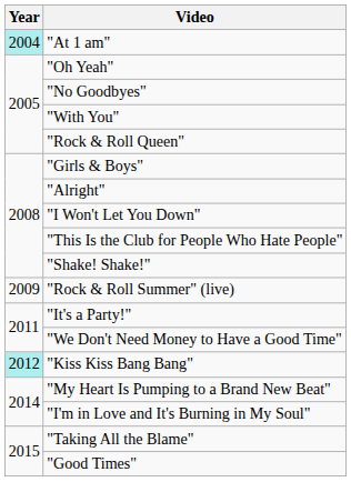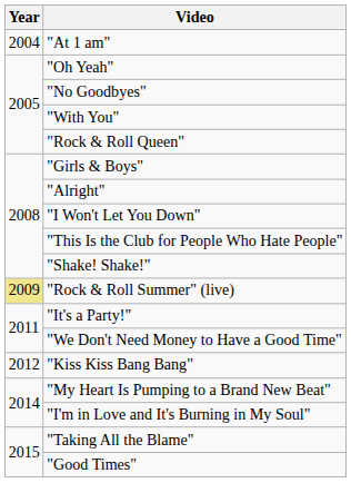 <table class="wikitable">
 <tr>
 <th>Year</th>
 <th>Video</th>
 </tr>
 <tr>
-<td style="background: paleturquoise;">2004</td>
+<td>2004</td>
 <td>"At 1 am"</td>
 </tr>
 <tr>
 <td rowspan="4">2005</td>
 <td>"Oh Yeah"</td>
 </tr>
 <tr>
 <td>"No Goodbyes"</td>
 </tr>
 <tr>
 <td>"With You"</td>
 </tr>
 <tr>
 <td>"Rock & Roll Queen"</td>
 </tr>
 <tr>
 <td rowspan="5">2008</td>
 <td>"Girls & Boys"</td>
 </tr>
 <tr>
 <td>"Alright"</td>
 </tr>
 <tr>
 <td>"I Won't Let You Down"</td>
 </tr>
 <tr>
 <td>"This Is the Club for People Who Hate People"</td>
 </tr>
 <tr>
 <td>"Shake! Shake!"</td>
 </tr>
 <tr>
-<td>2009</td>
+<td style="background: khaki;">2009</td>
 <td>"Rock & Roll Summer" (live)</td>
 </tr>
 <tr>
 <td rowspan="2">2011</td>
 <td>"It's a Party!"</td>
 </tr>
 <tr>
 <td>"We Don't Need Money to Have a Good Time"</td>
 </tr>
 <tr>
-<td style="background: paleturquoise;">2012</td>
+<td>2012</td>
 <td>"Kiss Kiss Bang Bang"</td>
 </tr>
 <tr>
 <td rowspan="2">2014</td>
 <td>"My Heart Is Pumping to a Brand New Beat"</td>
 </tr>
 <tr>
 <td>"I'm in Love and It's Burning in My Soul"</td>
 </tr>
 <tr>
 <td rowspan="2">2015</td>
 <td>"Taking All the Blame"</td>
 </tr>
 <tr>
 <td>"Good Times"</td>
 </tr>
 </table>
